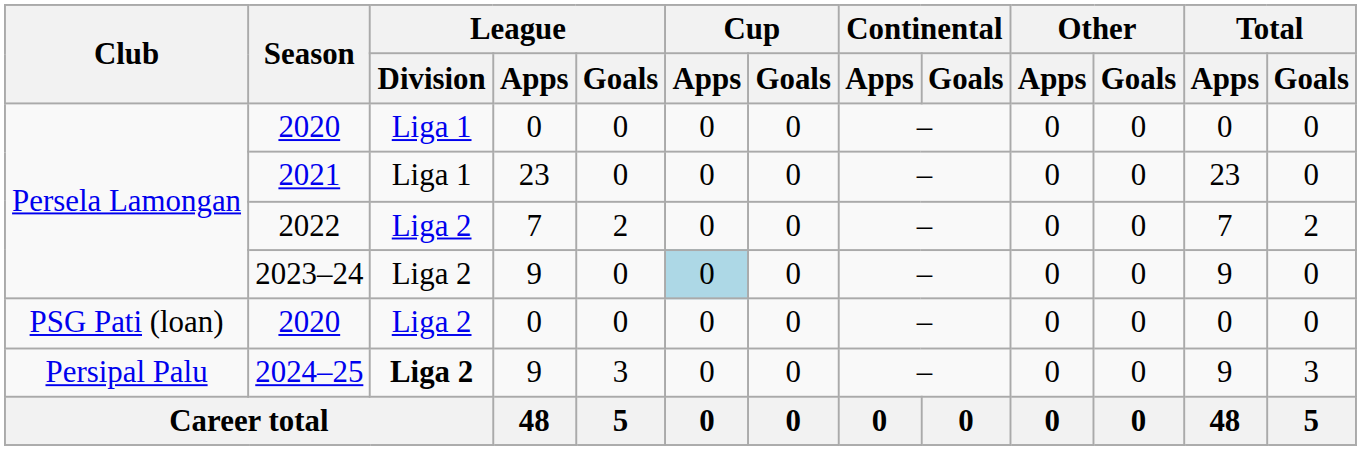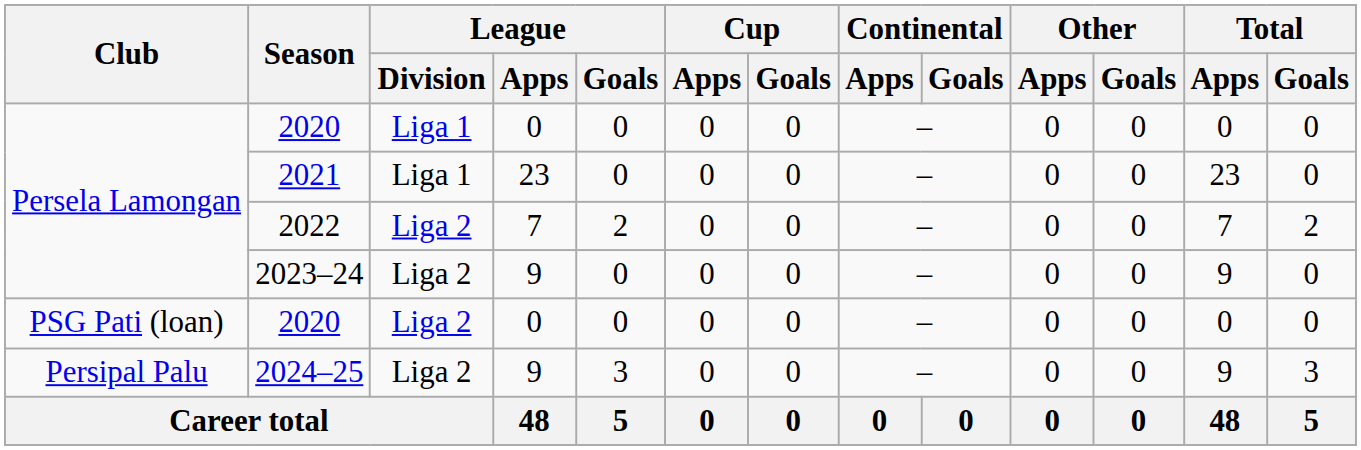 <table class="wikitable" style="text-align: center">
 <tr>
 <th rowspan="2">Club</th>
 <th rowspan="2">Season</th>
 <th colspan="3">League</th>
 <th colspan="2">Cup</th>
 <th colspan="2">Continental</th>
 <th colspan="2">Other</th>
 <th colspan="2">Total</th>
 </tr>
 <tr>
 <th>Division</th>
 <th>Apps</th>
 <th>Goals</th>
 <th>Apps</th>
 <th>Goals</th>
 <th>Apps</th>
 <th>Goals</th>
 <th>Apps</th>
 <th>Goals</th>
 <th>Apps</th>
 <th>Goals</th>
 </tr>
 <tr>
 <td rowspan="4"><a href='#'>Persela Lamongan</a></td>
 <td><a href='#'>2020</a></td>
 <td rowspan="1" valign="center"><a href='#'>Liga 1</a></td>
 <td>0</td>
 <td>0</td>
 <td>0</td>
 <td>0</td>
 <td colspan="2">–</td>
 <td>0</td>
 <td>0</td>
 <td>0</td>
 <td>0</td>
 </tr>
 <tr>
 <td><a href='#'>2021</a></td>
 <td rowspan="1" valign="center">Liga 1</td>
 <td>23</td>
 <td>0</td>
 <td>0</td>
 <td>0</td>
 <td colspan="2">–</td>
 <td>0</td>
 <td>0</td>
 <td>23</td>
 <td>0</td>
 </tr>
 <tr>
 <td>2022</td>
 <td rowspan="1" valign="center"><a href='#'>Liga 2</a></td>
 <td>7</td>
 <td>2</td>
 <td>0</td>
 <td>0</td>
 <td colspan="2">–</td>
 <td>0</td>
 <td>0</td>
 <td>7</td>
 <td>2</td>
 </tr>
 <tr>
 <td>2023–24</td>
 <td rowspan="1" valign="center">Liga 2</td>
 <td>9</td>
 <td>0</td>
-<td style="background: lightblue;">0</td>
+<td>0</td>
 <td>0</td>
 <td colspan="2">–</td>
 <td>0</td>
 <td>0</td>
 <td>9</td>
 <td>0</td>
 </tr>
 <tr>
 <td rowspan="1"><a href='#'>PSG Pati</a> (loan)</td>
 <td><a href='#'>2020</a></td>
 <td rowspan="1" valign="center"><a href='#'>Liga 2</a></td>
 <td>0</td>
 <td>0</td>
 <td>0</td>
 <td>0</td>
 <td colspan="2">–</td>
 <td>0</td>
 <td>0</td>
 <td>0</td>
 <td>0</td>
 </tr>
 <tr>
 <td rowspan="1"><a href='#'>Persipal Palu</a></td>
 <td><a href='#'>2024–25</a></td>
-<td rowspan="1" valign="center"><strong>Liga 2</strong></td>
+<td rowspan="1" valign="center">Liga 2</td>
 <td>9</td>
 <td>3</td>
 <td>0</td>
 <td>0</td>
 <td colspan="2">–</td>
 <td>0</td>
 <td>0</td>
 <td>9</td>
 <td>3</td>
 </tr>
 <tr>
 <th colspan=3>Career total</th>
 <th>48</th>
 <th>5</th>
 <th>0</th>
 <th>0</th>
 <th>0</th>
 <th>0</th>
 <th>0</th>
 <th>0</th>
 <th>48</th>
 <th>5</th>
 </tr>
 </table>
